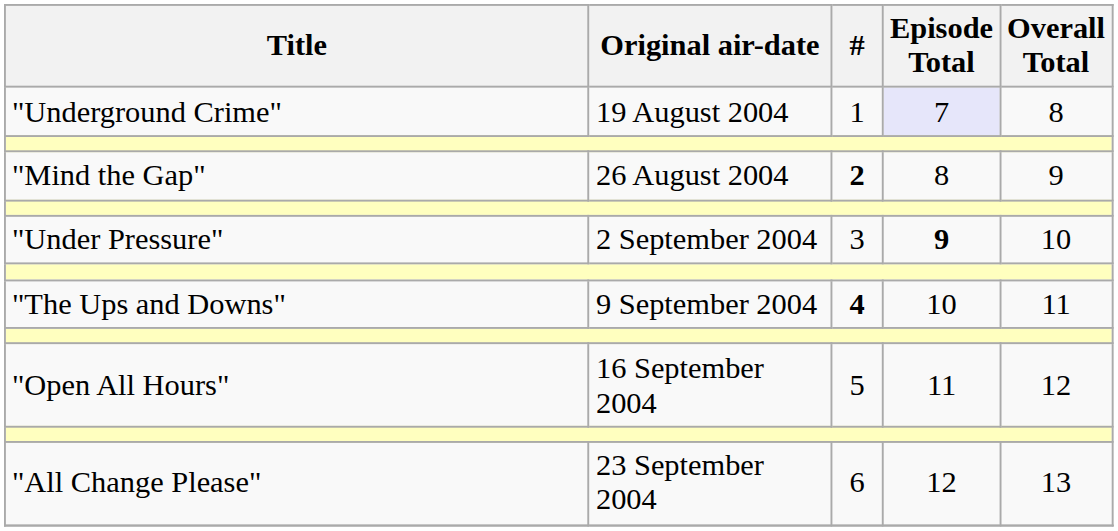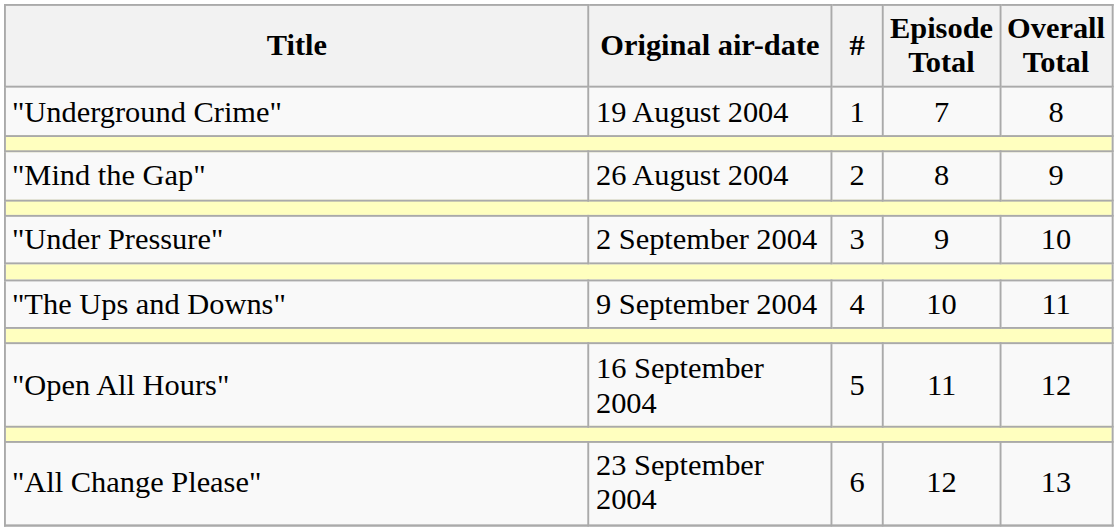 <table class="wikitable">
 <tr>
 <th width="300">Title</th>
 <th width="120">Original air-date</th>
 <th width="20">#</th>
 <th width="5">Episode Total</th>
 <th width="8">Overall Total</th>
 </tr>
 <tr>
 <td>"Underground Crime"</td>
 <td>19 August 2004</td>
 <td align="center">1</td>
-<td align="center" style="background: lavender;">7</td>
+<td align="center">7</td>
 <td align="center">8</td>
 </tr>
 <tr>
 <td colspan="7" bgcolor="#FFFFBF" height="1"></td>
 </tr>
 <tr>
 <td>"Mind the Gap"</td>
 <td>26 August 2004</td>
-<td align="center"><strong>2</strong></td>
+<td align="center">2</td>
 <td align="center">8</td>
 <td align="center">9</td>
 </tr>
 <tr>
 <td colspan="7" bgcolor="#FFFFBF" height="1"></td>
 </tr>
 <tr>
 <td>"Under Pressure"</td>
 <td>2 September 2004</td>
 <td align="center">3</td>
-<td align="center"><strong>9</strong></td>
+<td align="center">9</td>
 <td align="center">10</td>
 </tr>
 <tr>
 <td colspan="7" bgcolor="#FFFFBF" height="1"></td>
 </tr>
 <tr>
 <td>"The Ups and Downs"</td>
 <td>9 September 2004</td>
-<td align="center"><strong>4</strong></td>
+<td align="center">4</td>
 <td align="center">10</td>
 <td align="center">11</td>
 </tr>
 <tr>
 <td colspan="7" bgcolor="#FFFFBF" height="1"></td>
 </tr>
 <tr>
 <td>"Open All Hours"</td>
 <td>16 September 2004</td>
 <td align="center">5</td>
 <td align="center">11</td>
 <td align="center">12</td>
 </tr>
 <tr>
 <td colspan="7" bgcolor="#FFFFBF" height="1"></td>
 </tr>
 <tr>
 <td>"All Change Please"</td>
 <td>23 September 2004</td>
 <td align="center">6</td>
 <td align="center">12</td>
 <td align="center">13</td>
 </tr>
 <tr>
 </tr>
 </table>
